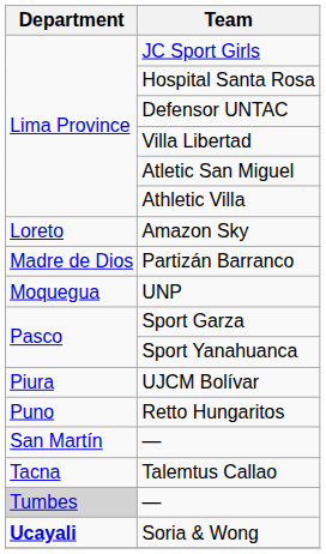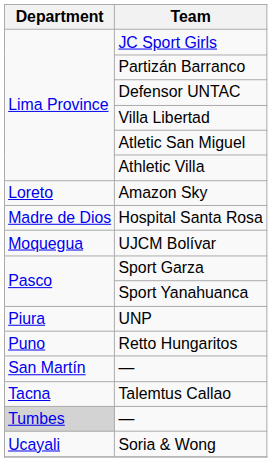 <table class="wikitable">
 <tr>
 <th>Department</th>
 <th>Team</th>
 </tr>
 <tr>
 <td rowspan="6"><a href='#'>Lima Province</a></td>
 <td><a href='#'>JC Sport Girls</a></td>
 </tr>
 <tr>
-<td>Hospital Santa Rosa</td>
+<td>Partizán Barranco</td>
 </tr>
 <tr>
 <td>Defensor UNTAC</td>
 </tr>
 <tr>
 <td>Villa Libertad</td>
 </tr>
 <tr>
 <td>Atletic San Miguel</td>
 </tr>
 <tr>
 <td>Athletic Villa</td>
 </tr>
 <tr>
 <td><a href='#'>Loreto</a></td>
 <td>Amazon Sky</td>
 </tr>
 <tr>
 <td><a href='#'>Madre de Dios</a></td>
-<td>Partizán Barranco</td>
+<td>Hospital Santa Rosa</td>
 </tr>
 <tr>
 <td><a href='#'>Moquegua</a></td>
-<td>UNP</td>
+<td>UJCM Bolívar</td>
 </tr>
 <tr>
 <td rowspan="2"><a href='#'>Pasco</a></td>
 <td>Sport Garza</td>
 </tr>
 <tr>
 <td>Sport Yanahuanca</td>
 </tr>
 <tr>
 <td><a href='#'>Piura</a></td>
-<td>UJCM Bolívar</td>
+<td>UNP</td>
 </tr>
 <tr>
 <td><a href='#'>Puno</a></td>
 <td>Retto Hungaritos</td>
 </tr>
 <tr>
 <td><a href='#'>San Martín</a></td>
 <td>—</td>
 </tr>
 <tr>
 <td><a href='#'>Tacna</a></td>
 <td>Talemtus Callao</td>
 </tr>
 <tr>
 <td style="background: lightgrey;"><a href='#'>Tumbes</a></td>
 <td>—</td>
 </tr>
 <tr>
-<td><strong><a href='#'>Ucayali</a></strong></td>
+<td><a href='#'>Ucayali</a></td>
 <td>Soria & Wong</td>
 </tr>
 <tr>
 </tr>
 </table>
